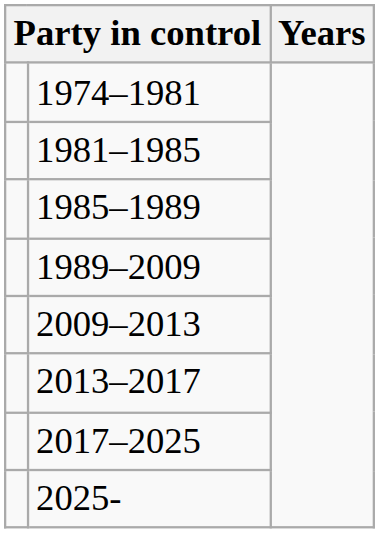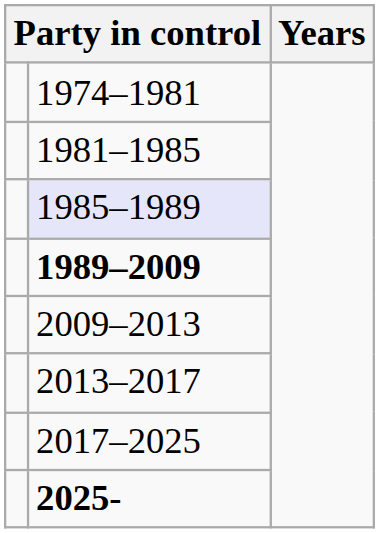 <table class="wikitable">
 <tr>
 <th colspan=2>Party in control</th>
 <th>Years</th>
 </tr>
 <tr>
 <td></td>
 <td>1974–1981</td>
 </tr>
 <tr>
 <td></td>
 <td>1981–1985</td>
 </tr>
 <tr>
 <td></td>
-<td>1985–1989</td>
+<td style="background: lavender;">1985–1989</td>
 </tr>
 <tr>
 <td></td>
-<td>1989–2009</td>
+<td><strong>1989–2009</strong></td>
 </tr>
 <tr>
 <td></td>
 <td>2009–2013</td>
 </tr>
 <tr>
 <td></td>
 <td>2013–2017</td>
 </tr>
 <tr>
 <td></td>
 <td>2017–2025</td>
 </tr>
 <tr>
 <td></td>
-<td>2025-</td>
+<td><strong>2025-</strong></td>
 </tr>
 </table>
